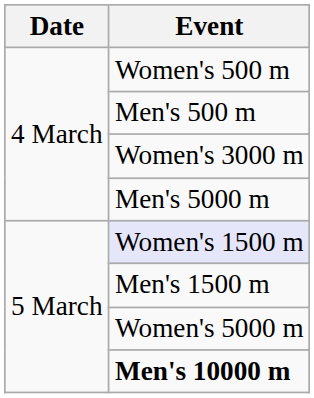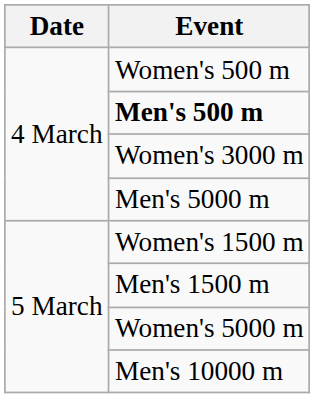 <table class="wikitable">
 <tr>
 <th>Date</th>
 <th>Event</th>
 </tr>
 <tr>
 <td rowspan=4>4 March</td>
 <td>Women's 500 m</td>
 </tr>
 <tr>
-<td>Men's 500 m</td>
+<td><strong>Men's 500 m</strong></td>
 </tr>
 <tr>
 <td>Women's 3000 m</td>
 </tr>
 <tr>
 <td>Men's 5000 m</td>
 </tr>
 <tr>
 <td rowspan=4>5 March</td>
-<td style="background: lavender;">Women's 1500 m</td>
+<td>Women's 1500 m</td>
 </tr>
 <tr>
 <td>Men's 1500 m</td>
 </tr>
 <tr>
 <td>Women's 5000 m</td>
 </tr>
 <tr>
-<td><strong>Men's 10000 m</strong></td>
+<td>Men's 10000 m</td>
 </tr>
 </table>
